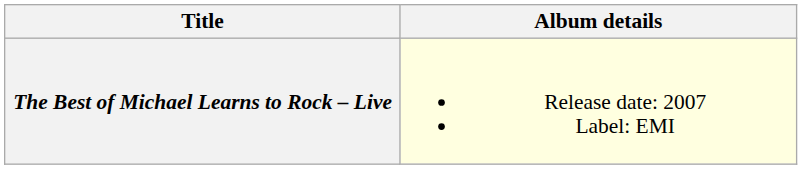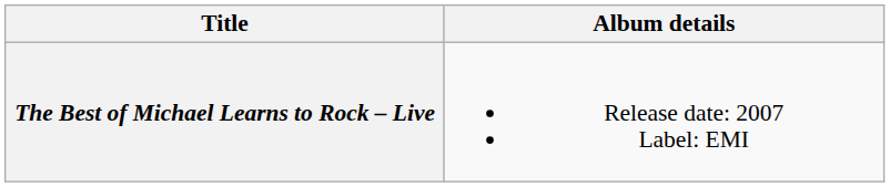 <table class="wikitable plainrowheaders" style="text-align:center;">
 <tr>
 <th style="width:18em;">Title</th>
 <th style="width:18em;">Album details</th>
 </tr>
 <tr>
 <th scope="row"><em>The Best of Michael Learns to Rock – Live</em></th>
-<td style="background: lightyellow;"><br><ul><li>Release date: 2007</li><li>Label: EMI</li></ul></td>
+<td><br><ul><li>Release date: 2007</li><li>Label: EMI</li></ul></td>
 </tr>
 </table>
